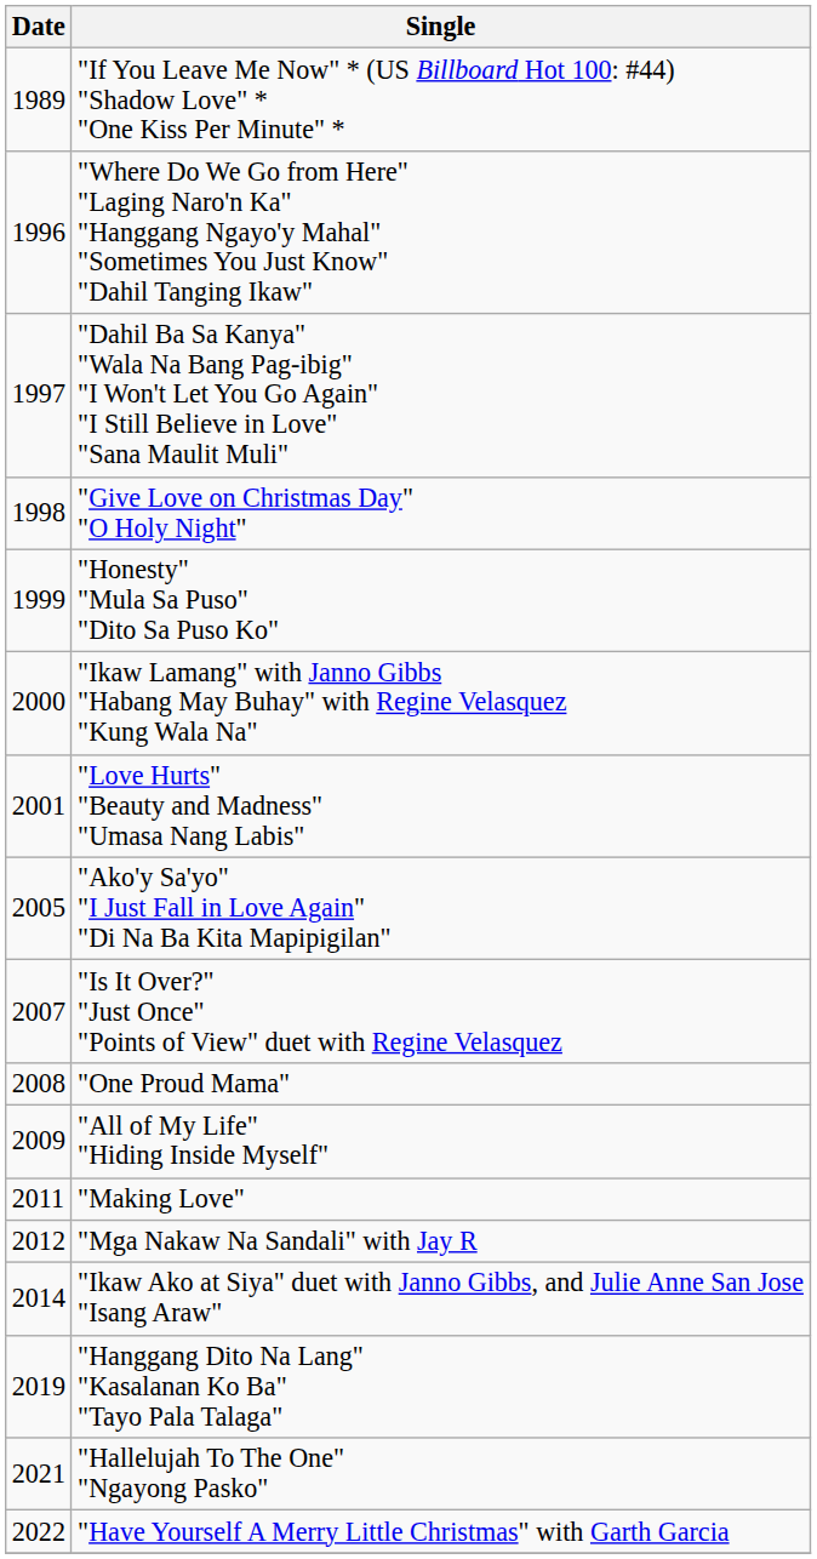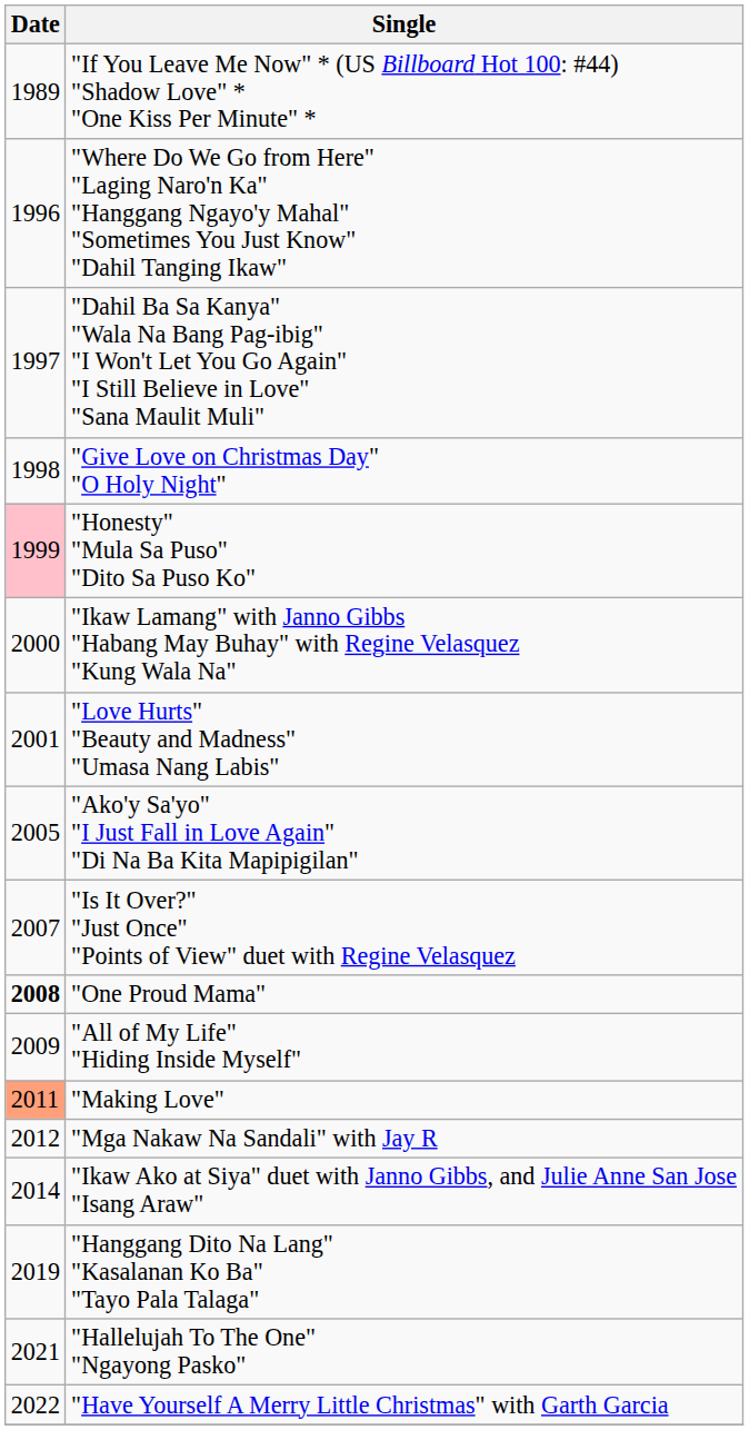 <table class="wikitable">
 <tr>
 <th>Date</th>
 <th>Single</th>
 </tr>
 <tr>
 <td>1989</td>
 <td>"If You Leave Me Now" * (US <a href='#'><em>Billboard</em> Hot 100</a>: #44)<br>"Shadow Love" *<br>"One Kiss Per Minute" *</td>
 </tr>
 <tr>
 <td>1996</td>
 <td>"Where Do We Go from Here"<br>"Laging Naro'n Ka"<br>"Hanggang Ngayo'y Mahal"<br>"Sometimes You Just Know"<br>"Dahil Tanging Ikaw"</td>
 </tr>
 <tr>
 <td>1997</td>
 <td>"Dahil Ba Sa Kanya"<br>"Wala Na Bang Pag-ibig"<br>"I Won't Let You Go Again"<br>"I Still Believe in Love"<br>"Sana Maulit Muli"</td>
 </tr>
 <tr>
 <td>1998</td>
 <td>"<a href='#'>Give Love on Christmas Day</a>"<br>"<a href='#'>O Holy Night</a>"</td>
 </tr>
 <tr>
-<td>1999</td>
+<td style="background: pink;">1999</td>
 <td>"Honesty"<br>"Mula Sa Puso"<br>"Dito Sa Puso Ko"</td>
 </tr>
 <tr>
 <td>2000</td>
 <td>"Ikaw Lamang" with <a href='#'>Janno Gibbs</a><br>"Habang May Buhay" with <a href='#'>Regine Velasquez</a><br>"Kung Wala Na"</td>
 </tr>
 <tr>
 <td>2001</td>
 <td>"<a href='#'>Love Hurts</a>"<br>"Beauty and Madness"<br>"Umasa Nang Labis"</td>
 </tr>
 <tr>
 <td>2005</td>
 <td>"Ako'y Sa'yo"<br>"<a href='#'>I Just Fall in Love Again</a>"<br>"Di Na Ba Kita Mapipigilan"</td>
 </tr>
 <tr>
 <td>2007</td>
 <td>"Is It Over?"<br>"Just Once"<br>"Points of View" duet with <a href='#'>Regine Velasquez</a></td>
 </tr>
 <tr>
-<td>2008</td>
+<td><strong>2008</strong></td>
 <td>"One Proud Mama"</td>
 </tr>
 <tr>
 <td>2009</td>
 <td>"All of My Life"<br>"Hiding Inside Myself"</td>
 </tr>
 <tr>
-<td>2011</td>
+<td style="background: lightsalmon;">2011</td>
 <td>"Making Love"</td>
 </tr>
 <tr>
 <td>2012</td>
 <td>"Mga Nakaw Na Sandali" with <a href='#'>Jay R</a></td>
 </tr>
 <tr>
 <td>2014</td>
 <td>"Ikaw Ako at Siya" duet with <a href='#'>Janno Gibbs</a>, and <a href='#'>Julie Anne San Jose</a><br>"Isang Araw"</td>
 </tr>
 <tr>
 <td>2019</td>
 <td>"Hanggang Dito Na Lang"<br>"Kasalanan Ko Ba"<br>"Tayo Pala Talaga"</td>
 </tr>
 <tr>
 <td>2021</td>
 <td>"Hallelujah To The One"<br>"Ngayong Pasko"</td>
 </tr>
 <tr>
 <td>2022</td>
 <td>"<a href='#'>Have Yourself A Merry Little Christmas</a>" with <a href='#'>Garth Garcia</a></td>
 </tr>
 <tr>
 </tr>
 </table>
